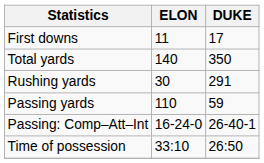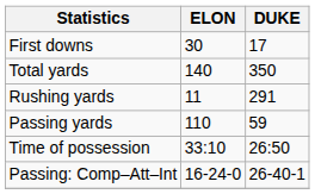 <table class="wikitable" style="float: left;">
 <tr>
 <th>Statistics</th>
 <th>ELON</th>
 <th>DUKE</th>
 </tr>
 <tr>
 <td>First downs</td>
-<td>11</td>
+<td>30</td>
 <td>17</td>
 </tr>
 <tr>
 <td>Total yards</td>
 <td>140</td>
 <td>350</td>
 </tr>
 <tr>
 <td>Rushing yards</td>
-<td>30</td>
+<td>11</td>
 <td>291</td>
 </tr>
 <tr>
 <td>Passing yards</td>
 <td>110</td>
 <td>59</td>
 </tr>
 <tr>
+<td>Time of possession</td>
+<td>33:10</td>
+<td>26:50</td>
+</tr>
+<tr>
 <td>Passing: Comp–Att–Int</td>
 <td>16-24-0</td>
 <td>26-40-1</td>
 </tr>
 <tr>
-<td>Time of possession</td>
-<td>33:10</td>
-<td>26:50</td>
-</tr>
-<tr>
 </tr>
 </table>
